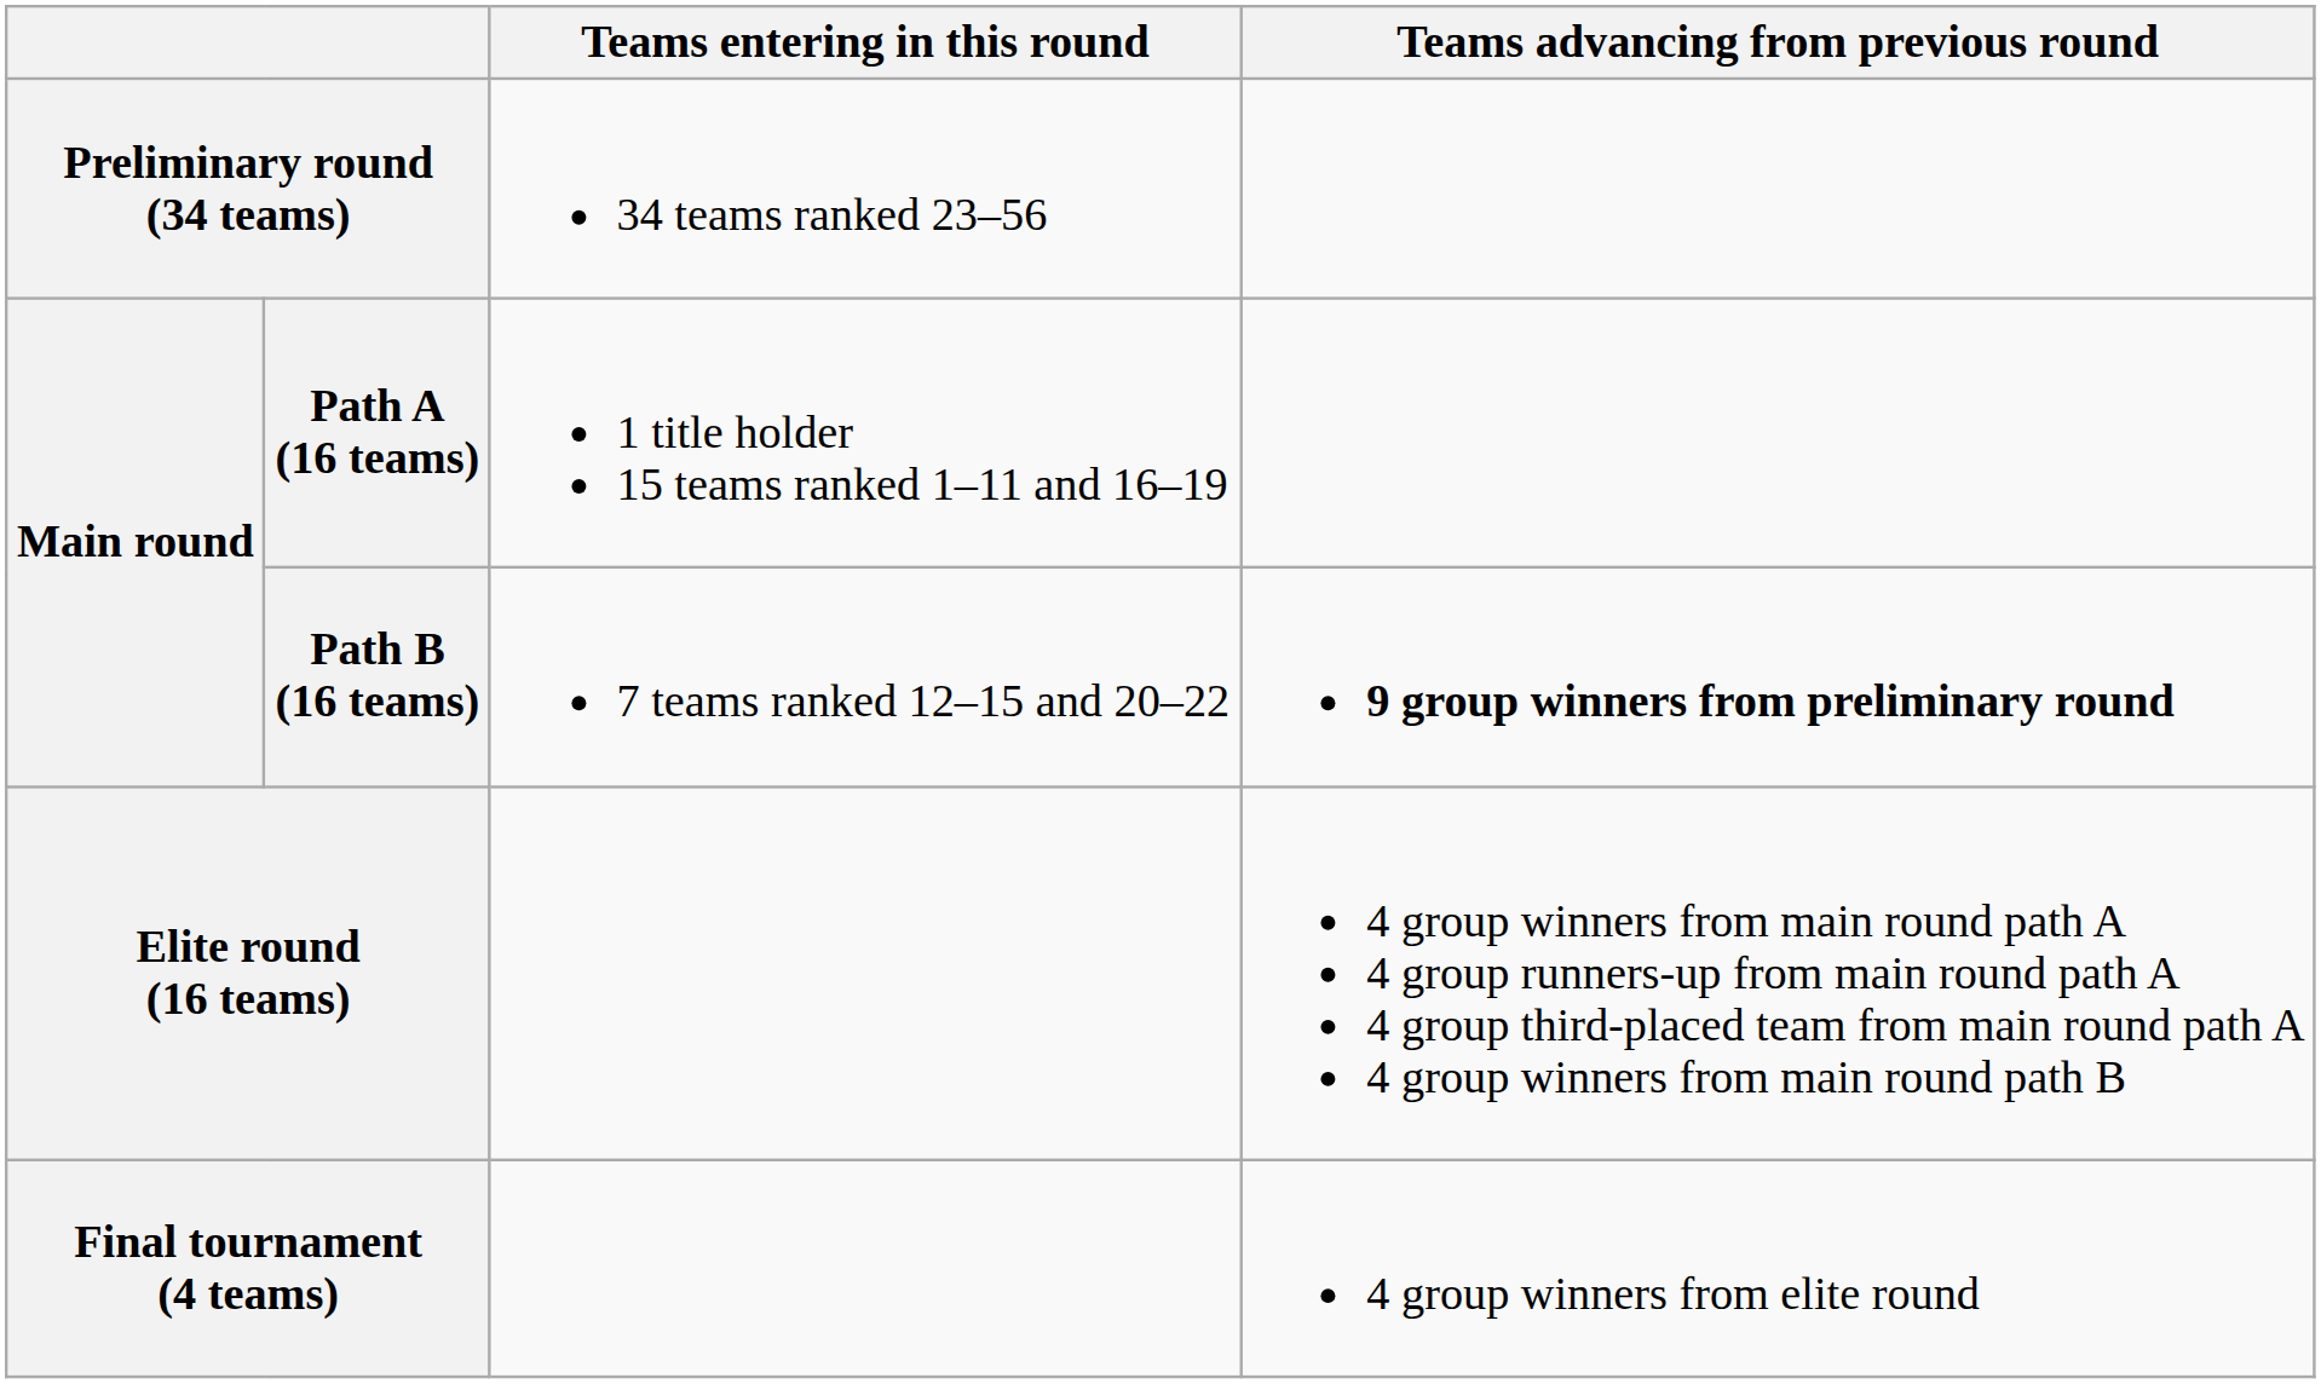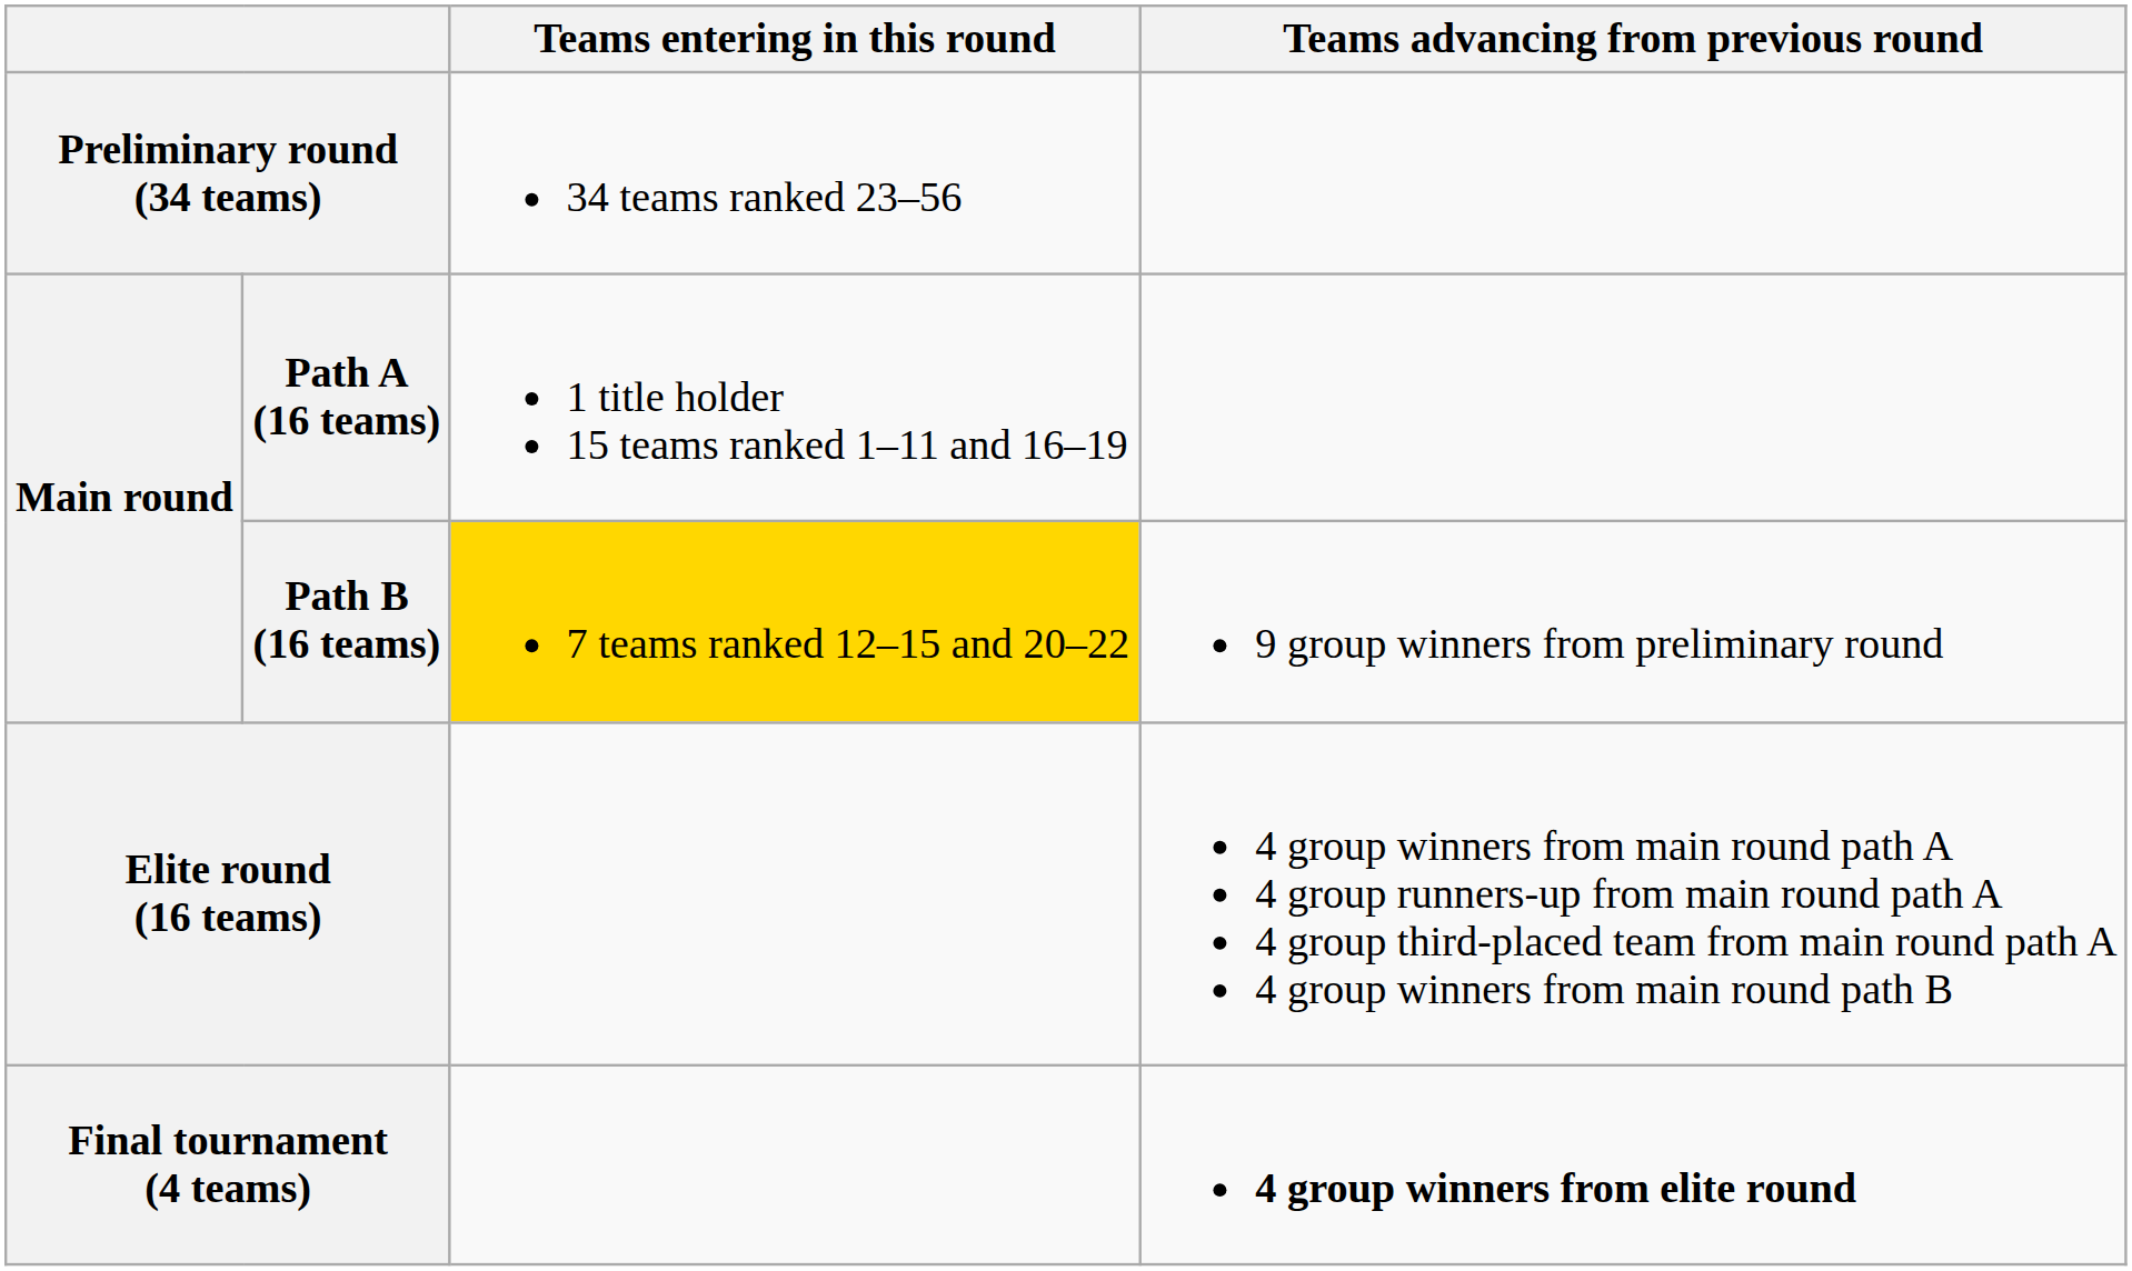 <table class="wikitable">
 <tr>
 <th colspan=2></th>
 <th>Teams entering in this round</th>
 <th>Teams advancing from previous round</th>
 </tr>
 <tr>
 <th colspan=2>Preliminary round<br>(34 teams)</th>
 <td><br><ul><li>34 teams ranked 23–56</li></ul></td>
 <td></td>
 </tr>
 <tr>
 <th rowspan=2>Main round</th>
 <th>Path A<br>(16 teams)</th>
 <td><br><ul><li>1 title holder</li><li>15 teams ranked 1–11 and 16–19</li></ul></td>
 <td></td>
 </tr>
 <tr>
 <th>Path B<br>(16 teams)</th>
-<td><br><ul><li>7 teams ranked 12–15 and 20–22</li></ul></td>
-<td><strong><br><ul><li>9 group winners from preliminary round</li></ul></strong></td>
+<td style="background: gold;"><br><ul><li>7 teams ranked 12–15 and 20–22</li></ul></td>
+<td><br><ul><li>9 group winners from preliminary round</li></ul></td>
 </tr>
 <tr>
 <th colspan=2>Elite round<br>(16 teams)</th>
 <td></td>
 <td><br><ul><li>4 group winners from main round path A</li><li>4 group runners-up from main round path A</li><li>4 group third-placed team from main round path A</li><li>4 group winners from main round path B</li></ul></td>
 </tr>
 <tr>
 <th colspan=2>Final tournament<br>(4 teams)</th>
 <td></td>
-<td><br><ul><li>4 group winners from elite round</li></ul></td>
+<td><strong><br><ul><li>4 group winners from elite round</li></ul></strong></td>
 </tr>
 </table>
